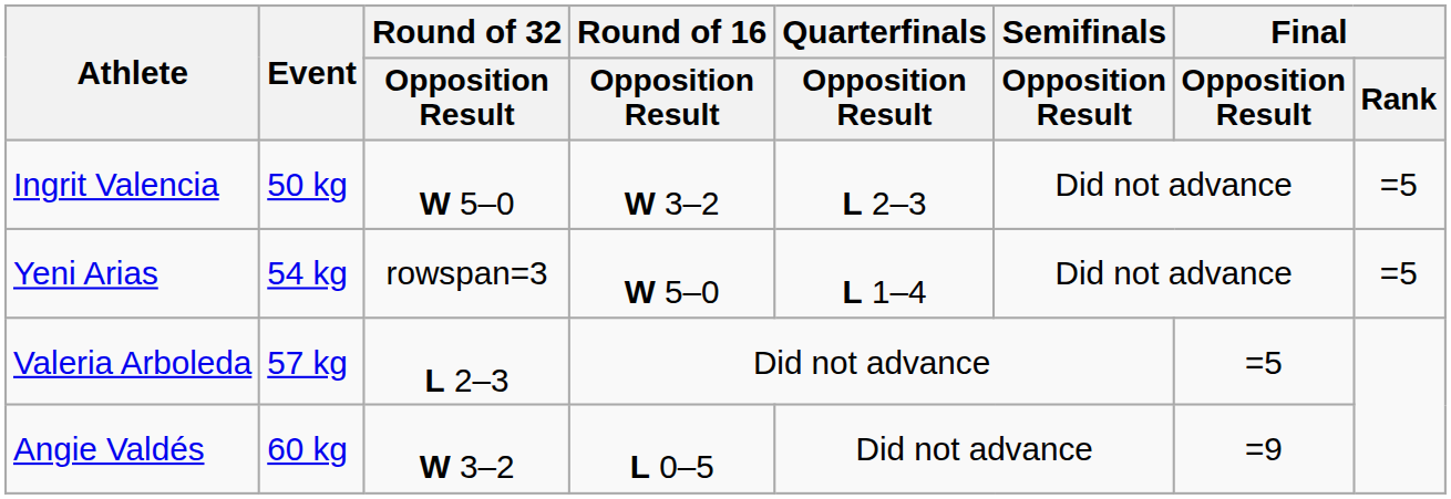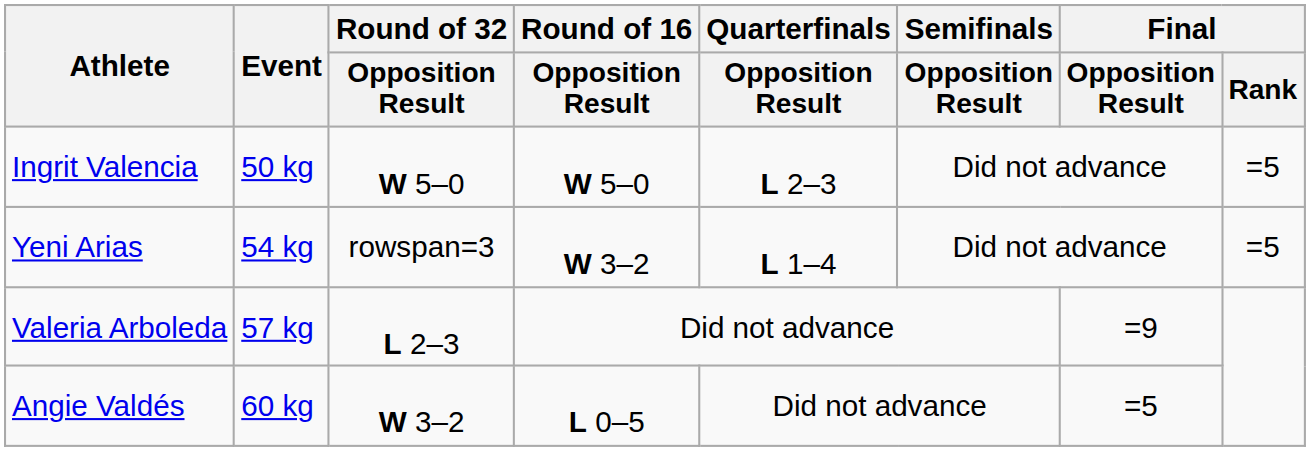 <table class="wikitable" style="font-size:90%">
 <tr>
 <th rowspan="2">Athlete</th>
 <th rowspan="2">Event</th>
 <th>Round of 32</th>
 <th>Round of 16</th>
 <th>Quarterfinals</th>
 <th>Semifinals</th>
 <th colspan=2>Final</th>
 </tr>
 <tr style="font-size:95%">
 <th>Opposition<br>Result</th>
 <th>Opposition<br>Result</th>
 <th>Opposition<br>Result</th>
 <th>Opposition<br>Result</th>
 <th>Opposition<br>Result</th>
 <th>Rank</th>
 </tr>
 <tr align=center>
 <td align=left><a href='#'>Ingrit Valencia</a></td>
 <td align=left><a href='#'>50 kg</a></td>
 <td><br><strong>W</strong> 5–0</td>
-<td><br><strong>W</strong> 3–2</td>
+<td><br><strong>W</strong> 5–0</td>
 <td><br><strong>L</strong> 2–3</td>
 <td colspan=2>Did not advance</td>
 <td>=5</td>
 </tr>
 <tr align=center>
 <td align=left><a href='#'>Yeni Arias</a></td>
 <td align=left><a href='#'>54 kg</a></td>
 <td>rowspan=3 </td>
-<td><br><strong>W</strong> 5–0</td>
+<td><br><strong>W</strong> 3–2</td>
 <td><br><strong>L</strong> 1–4</td>
 <td colspan=2>Did not advance</td>
 <td>=5</td>
 </tr>
 <tr align=center>
 <td align=left><a href='#'>Valeria Arboleda</a></td>
 <td align=left><a href='#'>57 kg</a></td>
 <td><br><strong>L</strong> 2–3</td>
 <td colspan=3>Did not advance</td>
-<td>=5</td>
+<td>=9</td>
 </tr>
 <tr align=center>
 <td align=left><a href='#'>Angie Valdés</a></td>
 <td align=left><a href='#'>60 kg</a></td>
 <td><br><strong>W</strong> 3–2</td>
 <td><br><strong>L</strong> 0–5</td>
 <td colspan=2>Did not advance</td>
-<td>=9</td>
+<td>=5</td>
 </tr>
 </table>
